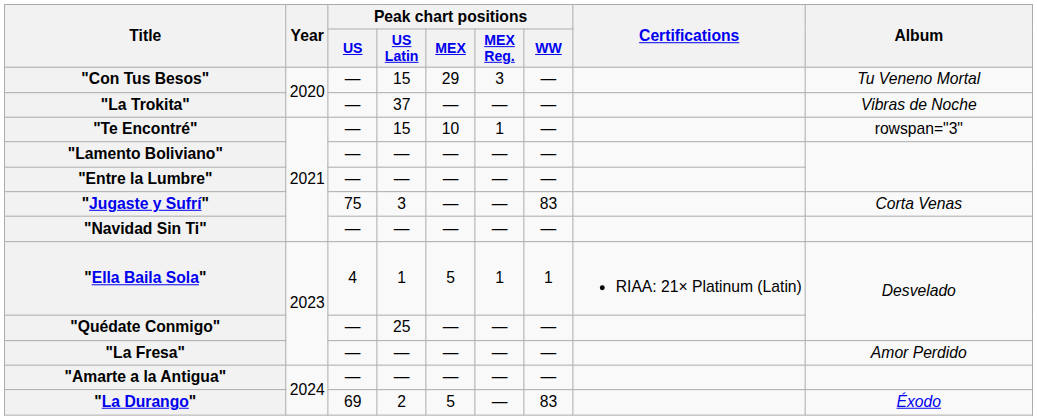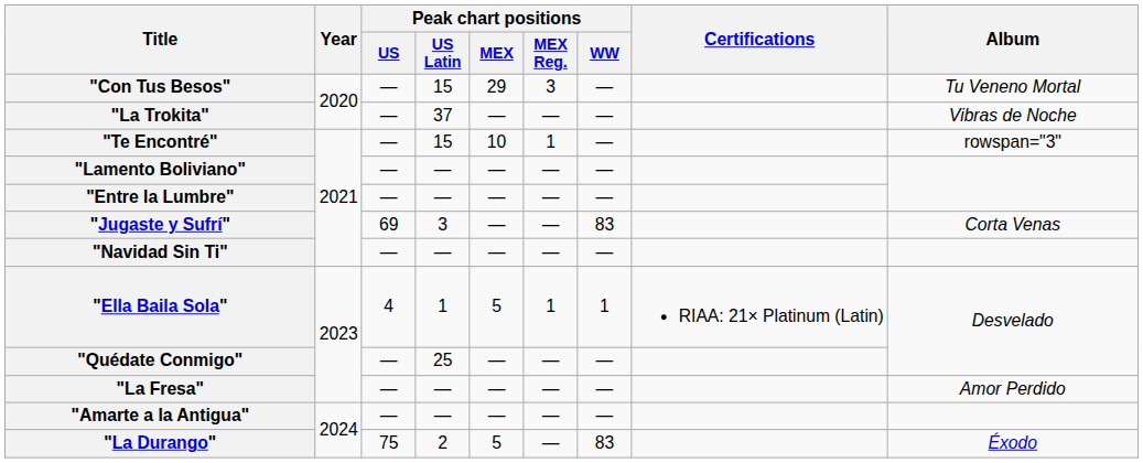 <table class="wikitable plainrowheaders" style="text-align:center;" border="1">
 <tr>
 <th scope="col" rowspan="2" style="width:17.5em;">Title</th>
 <th scope="col" rowspan="2" style="width:1em;">Year</th>
 <th scope="col" colspan="5">Peak chart positions</th>
 <th scope="col" rowspan="2"><a href='#'>Certifications</a></th>
 <th scope="col" rowspan="2" style="width:14em;">Album</th>
 </tr>
 <tr>
 <th scope="col" style="width:3em;font-size:90%;"><a href='#'>US</a><br></th>
 <th scope="col" style="width:3em;font-size:90%;"><a href='#'>US<br>Latin</a><br></th>
 <th scope="col" style="width:3em;font-size:90%;"><a href='#'>MEX</a><br></th>
 <th scope="col" style="width:3em;font-size:90%;"><a href='#'>MEX<br>Reg.</a><br></th>
 <th scope="col" style="width:3em;font-size:90%;"><a href='#'>WW</a><br></th>
 </tr>
 <tr>
 <th scope="row">"Con Tus Besos"</th>
 <td rowspan="2">2020</td>
 <td>—</td>
 <td>15</td>
 <td>29</td>
 <td>3</td>
 <td>—</td>
 <td></td>
 <td><em>Tu Veneno Mortal</em></td>
 </tr>
 <tr>
 <th scope="row">"La Trokita"</th>
 <td>—</td>
 <td>37</td>
 <td>—</td>
 <td>—</td>
 <td>—</td>
 <td></td>
 <td><em>Vibras de Noche</em></td>
 </tr>
 <tr>
 <th scope="row">"Te Encontré"<br></th>
 <td rowspan="5">2021</td>
 <td>—</td>
 <td>15</td>
 <td>10</td>
 <td>1</td>
 <td>—</td>
 <td></td>
 <td>rowspan="3" </td>
 </tr>
 <tr>
 <th scope="row">"Lamento Boliviano"</th>
 <td>—</td>
 <td>—</td>
 <td>—</td>
 <td>—</td>
 <td>—</td>
 <td></td>
 </tr>
 <tr>
 <th scope="row">"Entre la Lumbre"</th>
 <td>—</td>
 <td>—</td>
 <td>—</td>
 <td>—</td>
 <td>—</td>
 <td></td>
 </tr>
 <tr>
 <th scope="row">"<a href='#'>Jugaste y Sufrí</a>"<br></th>
-<td>75</td>
+<td>69</td>
 <td>3</td>
 <td>—</td>
 <td>—</td>
 <td>83</td>
 <td></td>
 <td><em>Corta Venas</em></td>
 </tr>
 <tr>
 <th scope="row">"Navidad Sin Ti"</th>
 <td>—</td>
 <td>—</td>
 <td>—</td>
 <td>—</td>
 <td>—</td>
 <td></td>
 <td></td>
 </tr>
 <tr>
 <th scope="row">"<a href='#'>Ella Baila Sola</a>"<br></th>
 <td rowspan="3">2023</td>
 <td>4</td>
 <td>1</td>
 <td>5</td>
 <td>1</td>
 <td>1</td>
 <td><br><ul><li>RIAA: 21× Platinum (Latin)</li></ul></td>
 <td rowspan="2"><em>Desvelado</em></td>
 </tr>
 <tr>
 <th scope="row">"Quédate Conmigo"<br></th>
 <td>—</td>
 <td>25</td>
 <td>—</td>
 <td>—</td>
 <td>—</td>
 <td></td>
 </tr>
 <tr>
 <th scope="row">"La Fresa"<br></th>
 <td>—</td>
 <td>—</td>
 <td>—</td>
 <td>—</td>
 <td>—</td>
 <td></td>
 <td><em>Amor Perdido</em></td>
 </tr>
 <tr>
 <th scope="row">"Amarte a la Antigua"</th>
 <td rowspan="2">2024</td>
 <td>—</td>
 <td>—</td>
 <td>—</td>
 <td>—</td>
 <td>—</td>
 <td></td>
 <td></td>
 </tr>
 <tr>
 <th scope="row">"<a href='#'>La Durango</a>"<br></th>
-<td>69</td>
+<td>75</td>
 <td>2</td>
 <td>5</td>
 <td>—</td>
 <td>83</td>
 <td></td>
 <td><em><a href='#'>Éxodo</a></em></td>
 </tr>
 </table>
